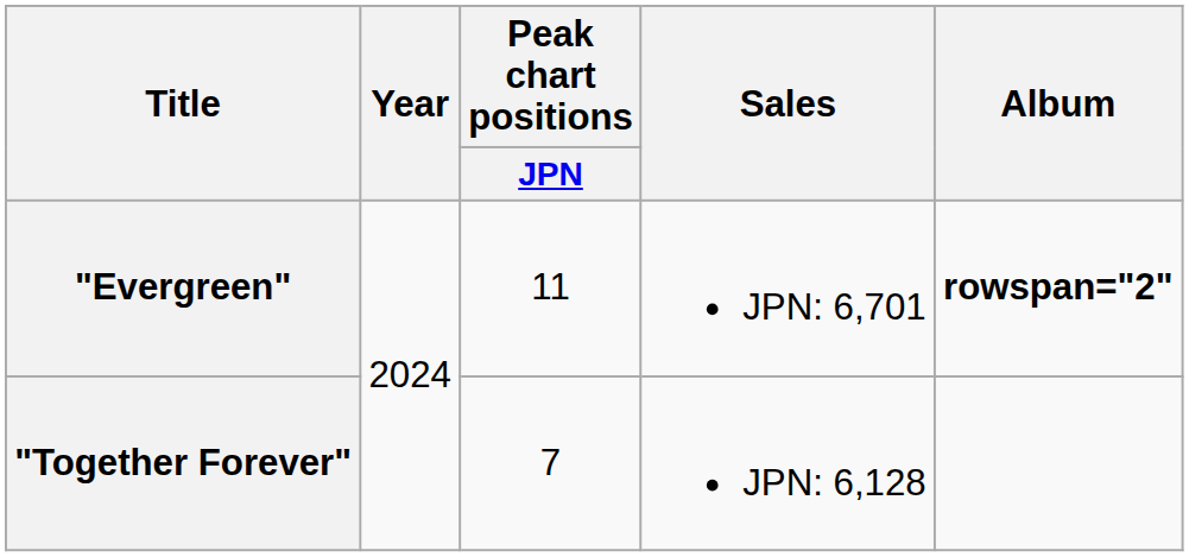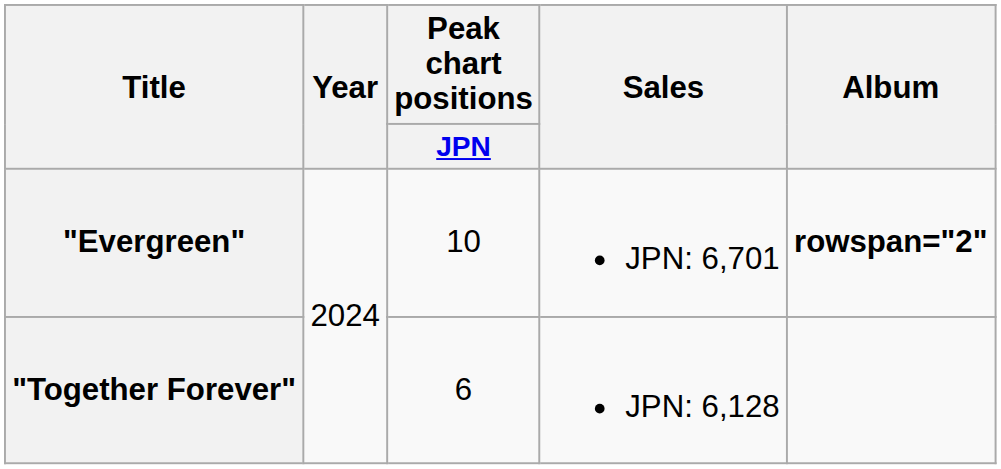 <table class="wikitable plainrowheaders" style="text-align:center">
 <tr>
 <th scope="col" rowspan="2">Title</th>
 <th scope="col" rowspan="2">Year</th>
 <th scope="col" colspan="1">Peak chart positions</th>
 <th scope="col" rowspan="2">Sales</th>
 <th scope="col" rowspan="2">Album</th>
 </tr>
 <tr>
 <th scope="col" style="font-size:90%; width:3em"><a href='#'>JPN</a><br></th>
 </tr>
 <tr>
 <th scope="row">"Evergreen"</th>
 <td rowspan="2">2024</td>
-<td>11</td>
+<td>10</td>
 <td><br><ul><li>JPN: 6,701</li></ul></td>
 <td><strong>rowspan="2" </strong></td>
 </tr>
 <tr>
 <th scope="row">"Together Forever"</th>
-<td>7</td>
+<td>6</td>
 <td><br><ul><li>JPN: 6,128</li></ul></td>
 </tr>
 </table>
